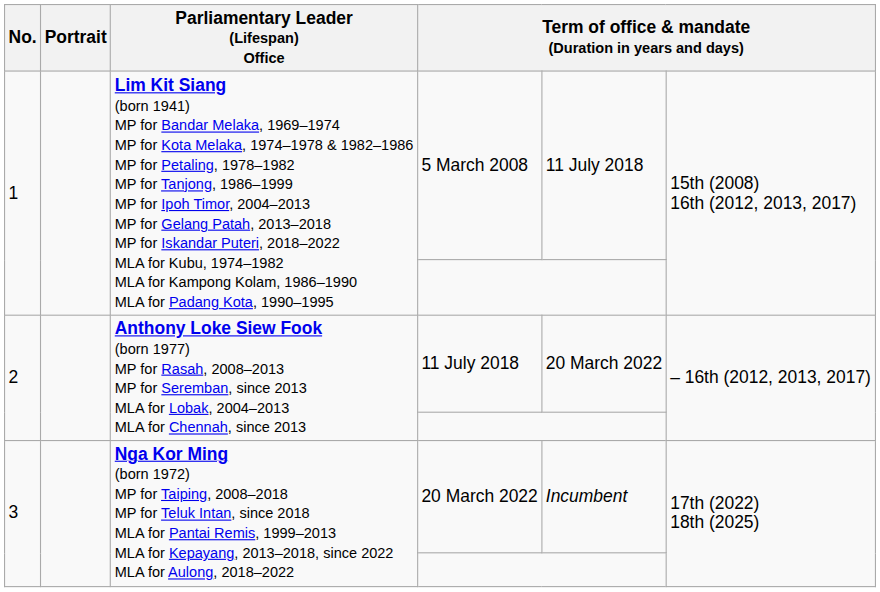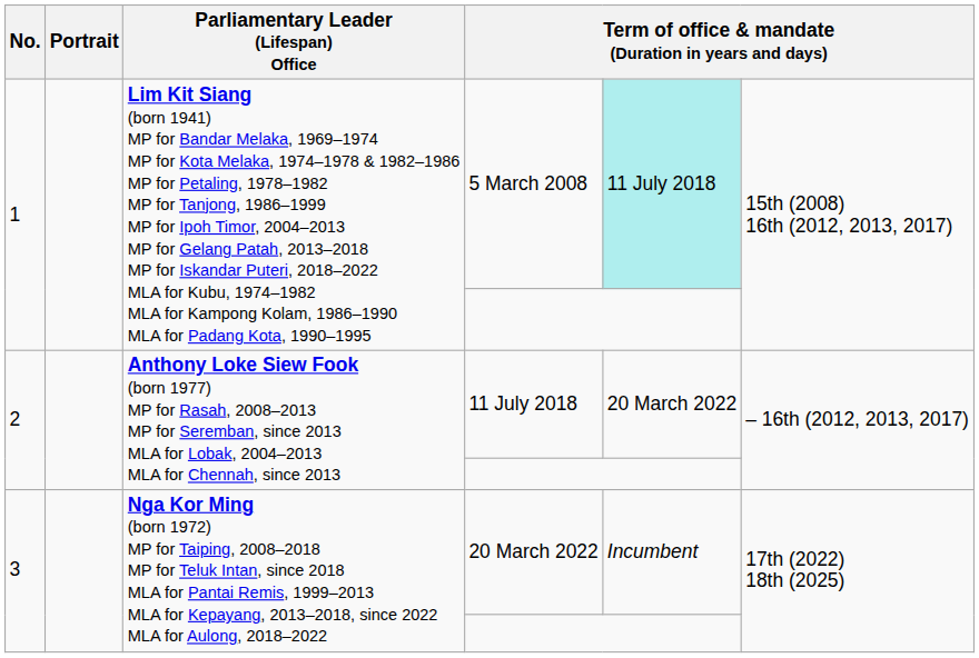 <table class="wikitable">
 <tr>
 <th>No.</th>
 <th>Portrait</th>
 <th>Parliamentary Leader<br><small>(Lifespan)</small><br><small>Office</small></th>
 <th colspan="3">Term of office & mandate<br><small>(Duration in years and days)</small></th>
 </tr>
 <tr>
 <td rowspan="2">1</td>
 <td rowspan="2"></td>
 <td rowspan="2"><strong><a href='#'>Lim Kit Siang</a></strong><br> <small>(born 1941) </small> <br> <small> MP for <a href='#'>Bandar Melaka</a>, 1969–1974</small><br><small>MP for <a href='#'>Kota Melaka</a>, 1974–1978 & 1982–1986</small><br><small>MP for <a href='#'>Petaling</a>, 1978–1982</small><br><small>MP for <a href='#'>Tanjong</a>, 1986–1999</small><br><small>MP for <a href='#'>Ipoh Timor</a>, 2004–2013</small><br><small>MP for <a href='#'>Gelang Patah</a>, 2013–2018</small><br><small>MP for <a href='#'>Iskandar Puteri</a>, 2018–2022</small><br><small> MLA for Kubu, 1974–1982</small><br><small>MLA for Kampong Kolam, 1986–1990</small><br><small>MLA for <a href='#'>Padang Kota</a>, 1990–1995</small></td>
 <td>5 March 2008</td>
-<td>11 July 2018</td>
+<td style="background: paleturquoise;">11 July 2018</td>
 <td rowspan="2">15th (2008)<br>16th (2012, 2013, 2017)</td>
 </tr>
 <tr>
 <td colspan="2" align="center"></td>
 </tr>
 <tr>
 <td rowspan="2">2</td>
 <td rowspan="2"></td>
 <td rowspan="2"><strong><a href='#'>Anthony Loke Siew Fook</a></strong> <br> <small>(born 1977)</small> <br> <small>MP for <a href='#'>Rasah</a>, 2008–2013</small> <br> <small>MP for <a href='#'>Seremban</a>, since 2013 </small><br> <small>MLA for <a href='#'>Lobak</a>, 2004–2013 </small> <br> <small>MLA for <a href='#'>Chennah</a>, since 2013</small></td>
 <td>11 July 2018</td>
 <td>20 March 2022</td>
 <td rowspan="2">– 16th (2012, 2013, 2017)</td>
 </tr>
 <tr>
 <td colspan="2" align="center"></td>
 </tr>
 <tr>
 <td rowspan="2">3</td>
 <td rowspan="2"></td>
 <td rowspan="2"><strong><a href='#'>Nga Kor Ming</a></strong> <br> <small>(born 1972)</small> <br> <small>MP for <a href='#'>Taiping</a>, 2008–2018</small> <br> <small>MP for <a href='#'>Teluk Intan</a>, since 2018</small> <br> <small>MLA for <a href='#'>Pantai Remis</a>, 1999–2013</small> <br> <small>MLA for <a href='#'>Kepayang</a>, 2013–2018, since 2022</small> <br> <small>MLA for <a href='#'>Aulong</a>, 2018–2022</small></td>
 <td>20 March 2022</td>
 <td><em>Incumbent</em></td>
 <td rowspan="2">17th (2022)<br>18th (2025)</td>
 </tr>
 <tr>
 <td colspan="2" align="center"></td>
 </tr>
 </table>
